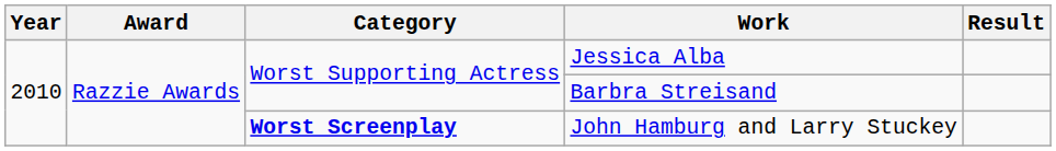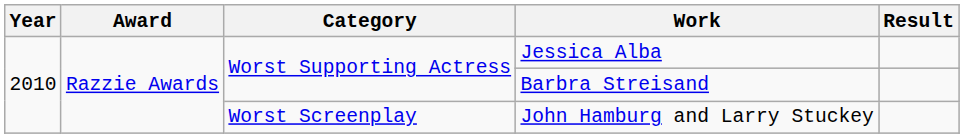 <table class="wikitable">
 <tr>
 <th>Year</th>
 <th>Award</th>
 <th>Category</th>
 <th>Work</th>
 <th>Result</th>
 </tr>
 <tr>
 <td rowspan="3">2010</td>
 <td rowspan="3"><a href='#'>Razzie Awards</a></td>
 <td rowspan=2><a href='#'>Worst Supporting Actress</a></td>
 <td><a href='#'>Jessica Alba</a></td>
 <td></td>
 </tr>
 <tr>
 <td><a href='#'>Barbra Streisand</a></td>
 <td></td>
 </tr>
 <tr>
-<td><strong><a href='#'>Worst Screenplay</a></strong></td>
+<td><a href='#'>Worst Screenplay</a></td>
 <td><a href='#'>John Hamburg</a> and Larry Stuckey</td>
 <td></td>
 </tr>
 </table>
